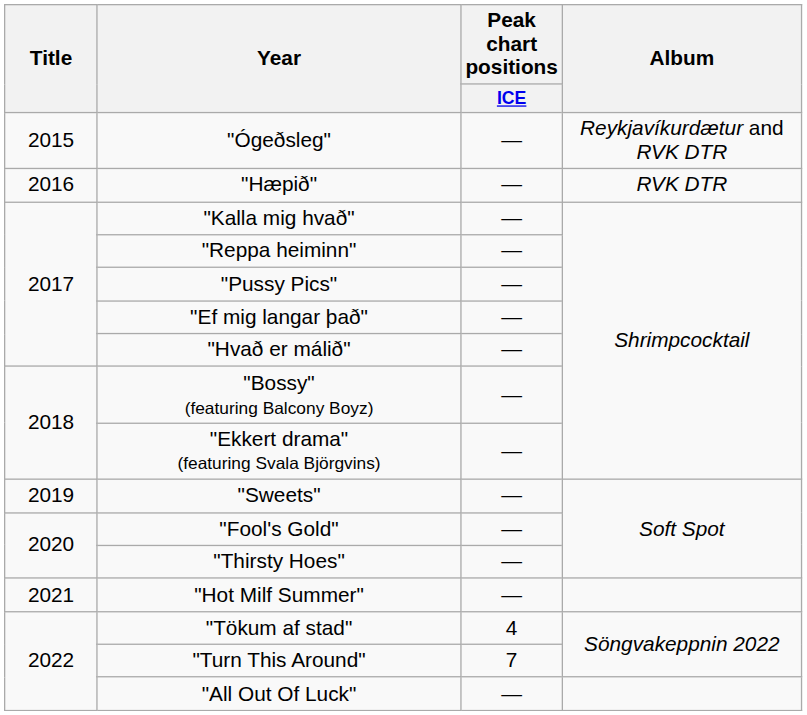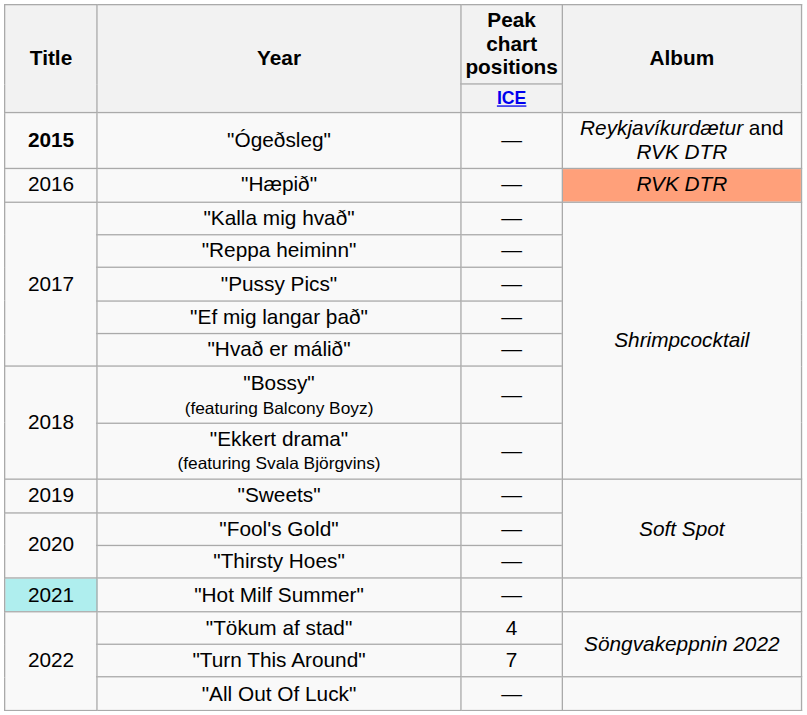 <table class="wikitable" style="text-align:center;">
 <tr>
 <th rowspan="2" scope="col" style="width:4em;">Title</th>
 <th rowspan="2" scope="col" style="width:17em;">Year</th>
 <th scope="col">Peak chart positions</th>
 <th rowspan="2" scope="col" style="width:11em;">Album</th>
 </tr>
 <tr>
 <th scope="col" style="width:5em;font-size:85%;"><a href='#'>ICE</a><br></th>
 </tr>
 <tr>
-<td>2015</td>
+<td><strong>2015</strong></td>
 <td>"Ógeðsleg"</td>
 <td>—</td>
 <td><em>Reykjavíkurdætur</em> and <em>RVK DTR</em></td>
 </tr>
 <tr>
 <td>2016</td>
 <td>"Hæpið"</td>
 <td>—</td>
-<td><em>RVK DTR</em></td>
+<td style="background: lightsalmon;"><em>RVK DTR</em></td>
 </tr>
 <tr>
 <td rowspan="5">2017</td>
 <td>"Kalla mig hvað"</td>
 <td>—</td>
 <td rowspan="7"><em>Shrimpcocktail</em></td>
 </tr>
 <tr>
 <td>"Reppa heiminn"</td>
 <td>—</td>
 </tr>
 <tr>
 <td>"Pussy Pics"</td>
 <td>—</td>
 </tr>
 <tr>
 <td>"Ef mig langar það"</td>
 <td>—</td>
 </tr>
 <tr>
 <td>"Hvað er málið"</td>
 <td>—</td>
 </tr>
 <tr>
 <td rowspan="2">2018</td>
 <td>"Bossy"<br><small>(featuring Balcony Boyz)</small></td>
 <td>—</td>
 </tr>
 <tr>
 <td>"Ekkert drama"<br><small>(featuring Svala Björgvins)</small></td>
 <td>—</td>
 </tr>
 <tr>
 <td>2019</td>
 <td>"Sweets"</td>
 <td>—</td>
 <td rowspan="3"><em>Soft Spot</em></td>
 </tr>
 <tr>
 <td rowspan="2">2020</td>
 <td>"Fool's Gold"</td>
 <td>—</td>
 </tr>
 <tr>
 <td>"Thirsty Hoes"</td>
 <td>—</td>
 </tr>
 <tr>
-<td>2021</td>
+<td style="background: paleturquoise;">2021</td>
 <td>"Hot Milf Summer"</td>
 <td>—</td>
 <td></td>
 </tr>
 <tr>
 <td rowspan="3">2022</td>
 <td>"Tökum af stad"</td>
 <td>4</td>
 <td rowspan="2"><em>Söngvakeppnin 2022</em></td>
 </tr>
 <tr>
 <td>"Turn This Around"</td>
 <td>7</td>
 </tr>
 <tr>
 <td>"All Out Of Luck"</td>
 <td>—</td>
 <td></td>
 </tr>
 </table>
